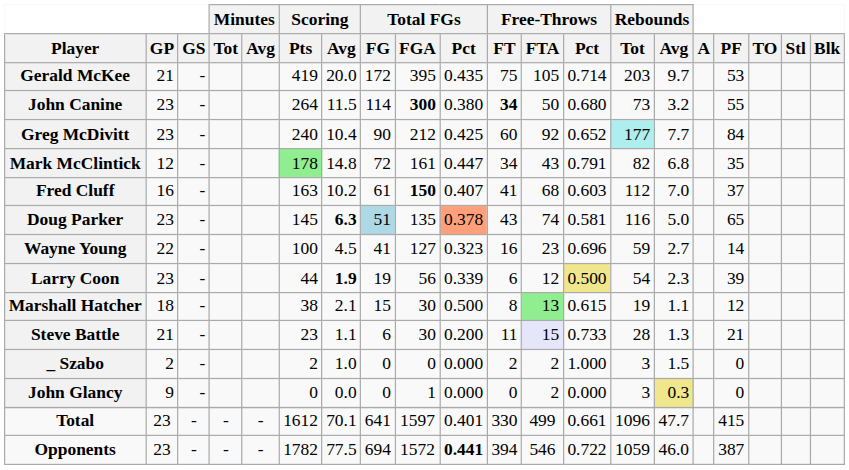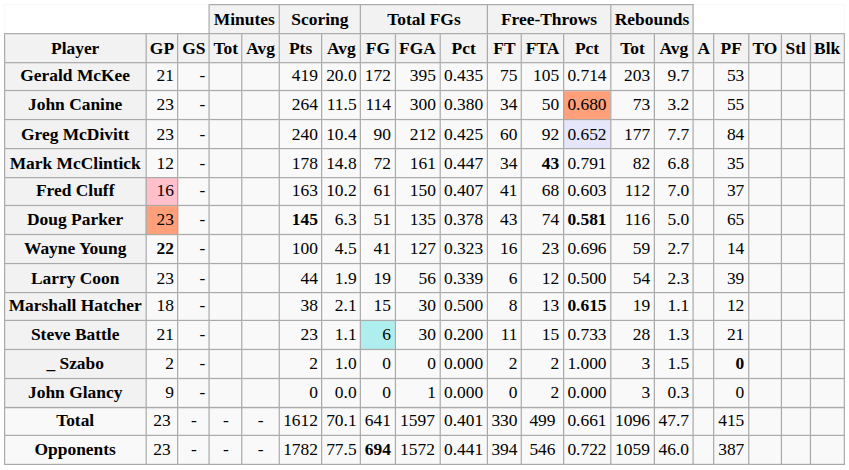 <table class="wikitable sortable" border="1" style="font-size:90%;">
 <tr>
 <th colspan="3" style="border-top-style:hidden; border-left-style:hidden; background: white;"></th>
 <th colspan="2" style=>Minutes</th>
 <th colspan="2" style=>Scoring</th>
 <th colspan="3" style=>Total FGs</th>
 <th colspan="3" style=>Free-Throws</th>
 <th colspan="2" style=>Rebounds</th>
 <th colspan="5" style="border-top-style:hidden; border-right-style:hidden; background: white;"></th>
 </tr>
 <tr>
 <th scope="col" style=>Player</th>
 <th scope="col" style=>GP</th>
 <th scope="col" style=>GS</th>
 <th scope="col" style=>Tot</th>
 <th scope="col" style=>Avg</th>
 <th scope="col" style=>Pts</th>
 <th scope="col" style=>Avg</th>
 <th scope="col" style=>FG</th>
 <th scope="col" style=>FGA</th>
 <th scope="col" style=>Pct</th>
 <th scope="col" style=>FT</th>
 <th scope="col" style=>FTA</th>
 <th scope="col" style=>Pct</th>
 <th scope="col" style=>Tot</th>
 <th scope="col" style=>Avg</th>
 <th scope="col" style=>A</th>
 <th scope="col" style=>PF</th>
 <th scope="col" style=>TO</th>
 <th scope="col" style=>Stl</th>
 <th scope="col" style=>Blk</th>
 </tr>
 <tr>
 <th>Gerald McKee</th>
 <td align="right">21</td>
 <td align="right">-</td>
 <td align="right"></td>
 <td align="right"></td>
 <td align="right">419</td>
 <td align="right">20.0</td>
 <td align="right">172</td>
 <td align="right">395</td>
 <td align="right">0.435</td>
 <td align="right">75</td>
 <td align="right">105</td>
 <td align="right">0.714</td>
 <td align="right">203</td>
 <td align="right">9.7</td>
 <td align="right"></td>
 <td align="right">53</td>
 <td align="right"></td>
 <td align="right"></td>
 <td align="right"></td>
 </tr>
 <tr>
 <th>John Canine</th>
 <td align="right">23</td>
 <td align="right">-</td>
 <td align="right"></td>
 <td align="right"></td>
 <td align="right">264</td>
 <td align="right">11.5</td>
 <td align="right">114</td>
-<td align="right"><strong>300</strong></td>
+<td align="right">300</td>
 <td align="right">0.380</td>
-<td align="right"><strong>34</strong></td>
+<td align="right">34</td>
 <td align="right">50</td>
-<td align="right">0.680</td>
+<td align="right" style="background: lightsalmon;">0.680</td>
 <td align="right">73</td>
 <td align="right">3.2</td>
 <td align="right"></td>
 <td align="right">55</td>
 <td align="right"></td>
 <td align="right"></td>
 <td align="right"></td>
 </tr>
 <tr>
 <th>Greg McDivitt</th>
 <td align="right">23</td>
 <td align="right">-</td>
 <td align="right"></td>
 <td align="right"></td>
 <td align="right">240</td>
 <td align="right">10.4</td>
 <td align="right">90</td>
 <td align="right">212</td>
 <td align="right">0.425</td>
 <td align="right">60</td>
 <td align="right">92</td>
-<td align="right">0.652</td>
-<td align="right" style="background: paleturquoise;">177</td>
+<td align="right" style="background: lavender;">0.652</td>
+<td align="right">177</td>
 <td align="right">7.7</td>
 <td align="right"></td>
 <td align="right">84</td>
 <td align="right"></td>
 <td align="right"></td>
 <td align="right"></td>
 </tr>
 <tr>
 <th>Mark McClintick</th>
 <td align="right">12</td>
 <td align="right">-</td>
 <td align="right"></td>
 <td align="right"></td>
-<td align="right" style="background: lightgreen;">178</td>
+<td align="right">178</td>
 <td align="right">14.8</td>
 <td align="right">72</td>
 <td align="right">161</td>
 <td align="right">0.447</td>
 <td align="right">34</td>
-<td align="right">43</td>
+<td align="right"><strong>43</strong></td>
 <td align="right">0.791</td>
 <td align="right">82</td>
 <td align="right">6.8</td>
 <td align="right"></td>
 <td align="right">35</td>
 <td align="right"></td>
 <td align="right"></td>
 <td align="right"></td>
 </tr>
 <tr>
 <th>Fred Cluff</th>
-<td align="right">16</td>
+<td align="right" style="background: pink;">16</td>
 <td align="right">-</td>
 <td align="right"></td>
 <td align="right"></td>
 <td align="right">163</td>
 <td align="right">10.2</td>
 <td align="right">61</td>
-<td align="right"><strong>150</strong></td>
+<td align="right">150</td>
 <td align="right">0.407</td>
 <td align="right">41</td>
 <td align="right">68</td>
 <td align="right">0.603</td>
 <td align="right">112</td>
 <td align="right">7.0</td>
 <td align="right"></td>
 <td align="right">37</td>
 <td align="right"></td>
 <td align="right"></td>
 <td align="right"></td>
 </tr>
 <tr>
 <th>Doug Parker</th>
-<td align="right">23</td>
+<td align="right" style="background: lightsalmon;">23</td>
 <td align="right">-</td>
 <td align="right"></td>
 <td align="right"></td>
-<td align="right">145</td>
-<td align="right"><strong>6.3</strong></td>
-<td align="right" style="background: lightblue;">51</td>
+<td align="right"><strong>145</strong></td>
+<td align="right">6.3</td>
+<td align="right">51</td>
 <td align="right">135</td>
-<td align="right" style="background: lightsalmon;">0.378</td>
+<td align="right">0.378</td>
 <td align="right">43</td>
 <td align="right">74</td>
-<td align="right">0.581</td>
+<td align="right"><strong>0.581</strong></td>
 <td align="right">116</td>
 <td align="right">5.0</td>
 <td align="right"></td>
 <td align="right">65</td>
 <td align="right"></td>
 <td align="right"></td>
 <td align="right"></td>
 </tr>
 <tr>
 <th>Wayne Young</th>
-<td align="right">22</td>
+<td align="right"><strong>22</strong></td>
 <td align="right">-</td>
 <td align="right"></td>
 <td align="right"></td>
 <td align="right">100</td>
 <td align="right">4.5</td>
 <td align="right">41</td>
 <td align="right">127</td>
 <td align="right">0.323</td>
 <td align="right">16</td>
 <td align="right">23</td>
 <td align="right">0.696</td>
 <td align="right">59</td>
 <td align="right">2.7</td>
 <td align="right"></td>
 <td align="right">14</td>
 <td align="right"></td>
 <td align="right"></td>
 <td align="right"></td>
 </tr>
 <tr>
 <th>Larry Coon</th>
 <td align="right">23</td>
 <td align="right">-</td>
 <td align="right"></td>
 <td align="right"></td>
 <td align="right">44</td>
-<td align="right"><strong>1.9</strong></td>
+<td align="right">1.9</td>
 <td align="right">19</td>
 <td align="right">56</td>
 <td align="right">0.339</td>
 <td align="right">6</td>
 <td align="right">12</td>
-<td align="right" style="background: khaki;">0.500</td>
+<td align="right">0.500</td>
 <td align="right">54</td>
 <td align="right">2.3</td>
 <td align="right"></td>
 <td align="right">39</td>
 <td align="right"></td>
 <td align="right"></td>
 <td align="right"></td>
 </tr>
 <tr>
 <th>Marshall Hatcher</th>
 <td align="right">18</td>
 <td align="right">-</td>
 <td align="right"></td>
 <td align="right"></td>
 <td align="right">38</td>
 <td align="right">2.1</td>
 <td align="right">15</td>
 <td align="right">30</td>
 <td align="right">0.500</td>
 <td align="right">8</td>
-<td align="right" style="background: lightgreen;">13</td>
-<td align="right">0.615</td>
+<td align="right">13</td>
+<td align="right"><strong>0.615</strong></td>
 <td align="right">19</td>
 <td align="right">1.1</td>
 <td align="right"></td>
 <td align="right">12</td>
 <td align="right"></td>
 <td align="right"></td>
 <td align="right"></td>
 </tr>
 <tr>
 <th>Steve Battle</th>
 <td align="right">21</td>
 <td align="right">-</td>
 <td align="right"></td>
 <td align="right"></td>
 <td align="right">23</td>
 <td align="right">1.1</td>
-<td align="right">6</td>
+<td align="right" style="background: paleturquoise;">6</td>
 <td align="right">30</td>
 <td align="right">0.200</td>
 <td align="right">11</td>
-<td align="right" style="background: lavender;">15</td>
+<td align="right">15</td>
 <td align="right">0.733</td>
 <td align="right">28</td>
 <td align="right">1.3</td>
 <td align="right"></td>
 <td align="right">21</td>
 <td align="right"></td>
 <td align="right"></td>
 <td align="right"></td>
 </tr>
 <tr>
 <th>_ Szabo</th>
 <td align="right">2</td>
 <td align="right">-</td>
 <td align="right"></td>
 <td align="right"></td>
 <td align="right">2</td>
 <td align="right">1.0</td>
 <td align="right">0</td>
 <td align="right">0</td>
 <td align="right">0.000</td>
 <td align="right">2</td>
 <td align="right">2</td>
 <td align="right">1.000</td>
 <td align="right">3</td>
 <td align="right">1.5</td>
 <td align="right"></td>
-<td align="right">0</td>
+<td align="right"><strong>0</strong></td>
 <td align="right"></td>
 <td align="right"></td>
 <td align="right"></td>
 </tr>
 <tr>
 <th>John Glancy</th>
 <td align="right">9</td>
 <td align="right">-</td>
 <td align="right"></td>
 <td align="right"></td>
 <td align="right">0</td>
 <td align="right">0.0</td>
 <td align="right">0</td>
 <td align="right">1</td>
 <td align="right">0.000</td>
 <td align="right">0</td>
 <td align="right">2</td>
 <td align="right">0.000</td>
 <td align="right">3</td>
-<td align="right" style="background: khaki;">0.3</td>
+<td align="right">0.3</td>
 <td align="right"></td>
 <td align="right">0</td>
 <td align="right"></td>
 <td align="right"></td>
 <td align="right"></td>
 </tr>
 <tr>
 </tr>
 <tr class="sortbottom">
 <td align="center" style=><strong>Total</strong></td>
 <td align="center" style=>23</td>
 <td align="center" style=>-</td>
 <td align="center" style=>-</td>
 <td align="center" style=>-</td>
 <td align="center" style=>1612</td>
 <td align="center" style=>70.1</td>
 <td align="center" style=>641</td>
 <td align="center" style=>1597</td>
 <td align="center" style=>0.401</td>
 <td align="center" style=>330</td>
 <td align="center" style=>499</td>
 <td align="center" style=>0.661</td>
 <td align="center" style=>1096</td>
 <td align="center" style=>47.7</td>
 <td align="center" style=></td>
 <td align="center" style=>415</td>
 <td align="center" style=></td>
 <td align="center" style=></td>
 <td align="center" style=></td>
 </tr>
 <tr class="sortbottom">
 <td align="center"><strong>Opponents</strong></td>
 <td align="center">23</td>
 <td align="center">-</td>
 <td align="center">-</td>
 <td align="center">-</td>
 <td align="center">1782</td>
 <td align="center">77.5</td>
-<td align="center">694</td>
+<td align="center"><strong>694</strong></td>
 <td align="center">1572</td>
-<td align="center"><strong>0.441</strong></td>
+<td align="center">0.441</td>
 <td align="center">394</td>
 <td align="center">546</td>
 <td align="center">0.722</td>
 <td align="center">1059</td>
 <td align="center">46.0</td>
 <td align="center"></td>
 <td align="center">387</td>
 <td align="center"></td>
 <td align="center"></td>
 <td align="center"></td>
 </tr>
 </table>
